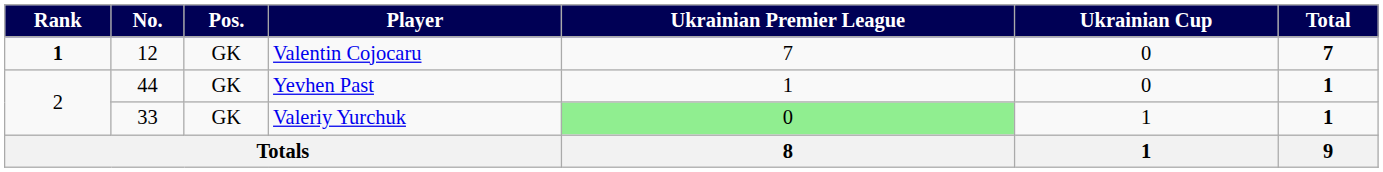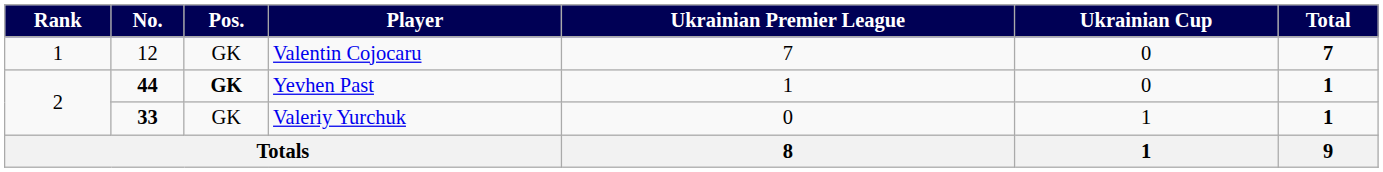 <table class="wikitable sortable" style="text-align:center;width:85%;">
 <tr>
 <th style=background-color:#000055;color:white>Rank</th>
 <th style=background-color:#000055;color:white>No.</th>
 <th style=background-color:#000055;color:white>Pos.</th>
 <th style=background-color:#000055;color:white>Player</th>
 <th style=background-color:#000055;color:white>Ukrainian Premier League</th>
 <th style=background-color:#000055;color:white>Ukrainian Cup</th>
 <th style=background-color:#000055;color:white>Total</th>
 </tr>
 <tr>
-<td><strong>1</strong></td>
+<td>1</td>
 <td>12</td>
 <td>GK</td>
 <td align=left> <a href='#'>Valentin Cojocaru</a></td>
 <td>7</td>
 <td>0</td>
 <td><strong>7</strong></td>
 </tr>
 <tr>
 <td rowspan="2">2</td>
-<td>44</td>
-<td>GK</td>
+<td><strong>44</strong></td>
+<td><strong>GK</strong></td>
 <td align=left> <a href='#'>Yevhen Past</a></td>
 <td>1</td>
 <td>0</td>
 <td><strong>1</strong></td>
 </tr>
 <tr>
-<td>33</td>
+<td><strong>33</strong></td>
 <td>GK</td>
 <td align=left> <a href='#'>Valeriy Yurchuk</a></td>
-<td style="background: lightgreen;">0</td>
+<td>0</td>
 <td>1</td>
 <td><strong>1</strong></td>
 </tr>
 <tr>
 <th colspan=4><strong>Totals </strong></th>
 <th><strong>8</strong></th>
 <th><strong>1</strong></th>
 <th><strong>9</strong></th>
 </tr>
 </table>
